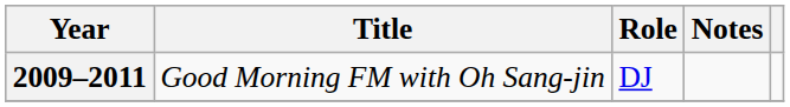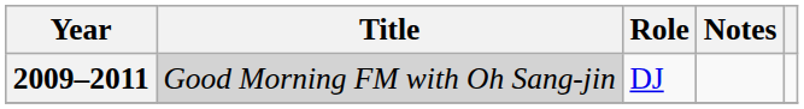 <table class="wikitable sortable plainrowheaders">
 <tr>
 <th scope="col">Year</th>
 <th scope="col">Title</th>
 <th scope="col">Role</th>
 <th scope="col" class="unsortable">Notes</th>
 <th scope="col" class="unsortable"></th>
 </tr>
 <tr>
 <th scope="row">2009–2011</th>
-<td><em>Good Morning FM with Oh Sang-jin</em></td>
+<td style="background: lightgrey;"><em>Good Morning FM with Oh Sang-jin</em></td>
 <td><a href='#'>DJ</a></td>
 <td></td>
 <td></td>
 </tr>
 <tr>
 </tr>
 </table>
